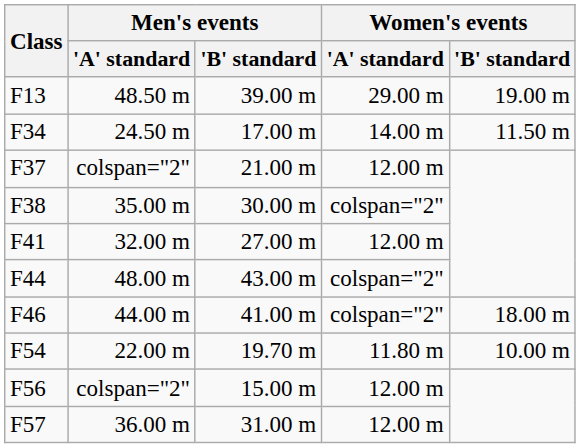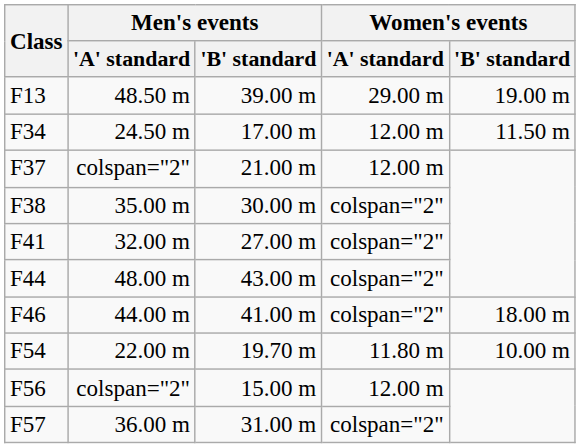 <table class="wikitable" style="text-align:right">
 <tr>
 <th rowspan="2">Class</th>
 <th colspan="2">Men's events</th>
 <th colspan="2">Women's events</th>
 </tr>
 <tr style="font-size:95%">
 <th>'A' standard</th>
 <th>'B' standard</th>
 <th>'A' standard</th>
 <th>'B' standard</th>
 </tr>
 <tr>
 <td style="text-align:left">F13</td>
 <td>48.50 m</td>
 <td>39.00 m</td>
 <td>29.00 m</td>
 <td>19.00 m</td>
 </tr>
 <tr>
 <td style="text-align:left">F34</td>
 <td>24.50 m</td>
 <td>17.00 m</td>
-<td>14.00 m</td>
+<td>12.00 m</td>
 <td>11.50 m</td>
 </tr>
 <tr>
 <td style="text-align:left">F37</td>
 <td>colspan="2" </td>
 <td>21.00 m</td>
 <td>12.00 m</td>
 </tr>
 <tr>
 <td style="text-align:left">F38</td>
 <td>35.00 m</td>
 <td>30.00 m</td>
 <td>colspan="2" </td>
 </tr>
 <tr>
 <td style="text-align:left">F41</td>
 <td>32.00 m</td>
 <td>27.00 m</td>
-<td>12.00 m</td>
+<td>colspan="2" </td>
 </tr>
 <tr>
 <td style="text-align:left">F44</td>
 <td>48.00 m</td>
 <td>43.00 m</td>
 <td>colspan="2" </td>
 </tr>
 <tr>
 <td style="text-align:left">F46</td>
 <td>44.00 m</td>
 <td>41.00 m</td>
 <td>colspan="2" </td>
 <td>18.00 m</td>
 </tr>
 <tr>
 <td style="text-align:left">F54</td>
 <td>22.00 m</td>
 <td>19.70 m</td>
 <td>11.80 m</td>
 <td>10.00 m</td>
 </tr>
 <tr>
 <td style="text-align:left">F56</td>
 <td>colspan="2" </td>
 <td>15.00 m</td>
 <td>12.00 m</td>
 </tr>
 <tr>
 <td style="text-align:left">F57</td>
 <td>36.00 m</td>
 <td>31.00 m</td>
-<td>12.00 m</td>
+<td>colspan="2" </td>
 </tr>
 </table>
